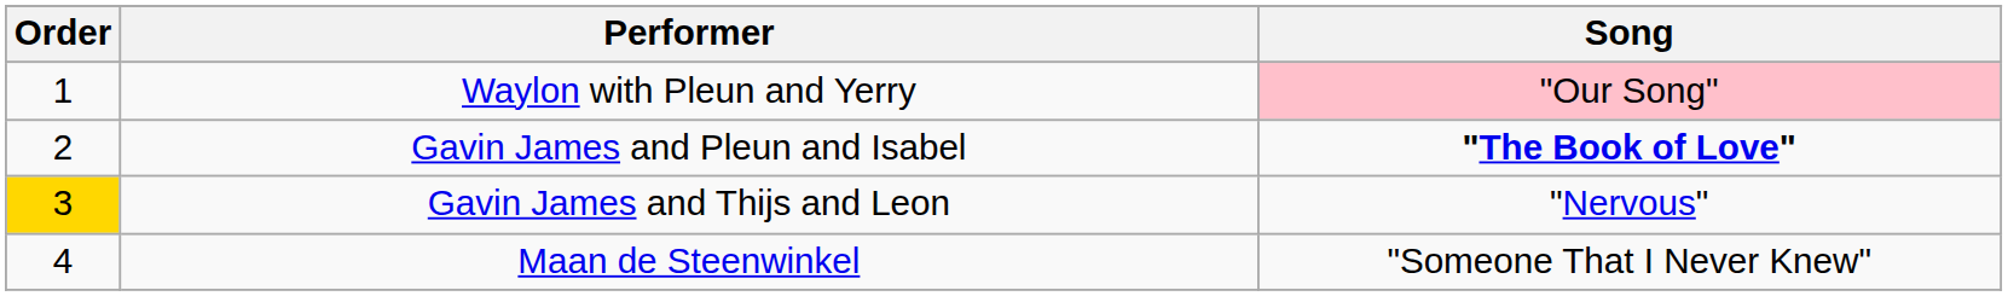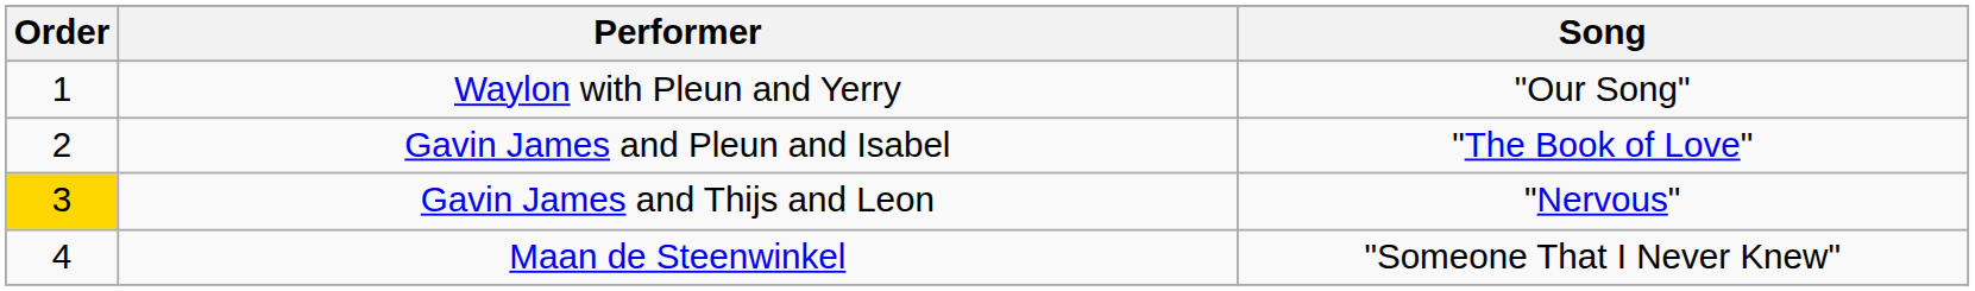 <table class="wikitable" style="text-align:center; width:45%;">
 <tr>
 </tr>
 <tr>
 <th style="width:01%;">Order</th>
 <th style="width:60%;">Performer</th>
 <th style="width:50%;">Song</th>
 </tr>
 <tr>
 <td>1</td>
 <td><a href='#'>Waylon</a> with Pleun and Yerry</td>
-<td style="background: pink;">"Our Song"</td>
+<td>"Our Song"</td>
 </tr>
 <tr>
 <td>2</td>
 <td><a href='#'>Gavin James</a> and Pleun and Isabel</td>
-<td><strong>"<a href='#'>The Book of Love</a>"</strong></td>
+<td>"<a href='#'>The Book of Love</a>"</td>
 </tr>
 <tr>
 <td style="background: gold;">3</td>
 <td><a href='#'>Gavin James</a> and Thijs and Leon</td>
 <td>"<a href='#'>Nervous</a>"</td>
 </tr>
 <tr>
 <td>4</td>
 <td><a href='#'>Maan de Steenwinkel</a></td>
 <td>"Someone That I Never Knew"</td>
 </tr>
 </table>
